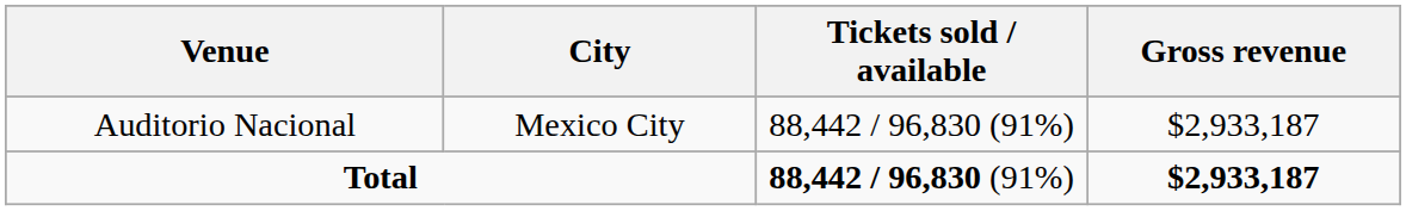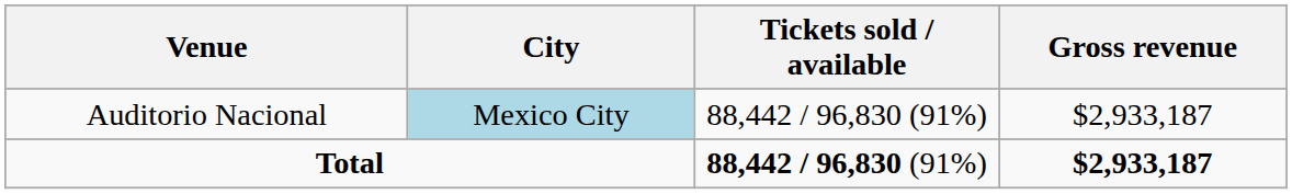 <table class="wikitable" style="text-align:center;">
 <tr>
 <th width="200">Venue</th>
 <th width="140">City</th>
 <th width="150">Tickets sold / available</th>
 <th width="140">Gross revenue</th>
 </tr>
 <tr>
 <td>Auditorio Nacional</td>
-<td>Mexico City</td>
+<td style="background: lightblue;">Mexico City</td>
 <td>88,442 / 96,830 (91%)</td>
 <td>$2,933,187  </td>
 </tr>
 <tr>
 <td colspan="2"><strong>Total</strong></td>
 <td><strong>88,442 / 96,830</strong> (91%)</td>
 <td><strong>$2,933,187</strong></td>
 </tr>
 </table>
